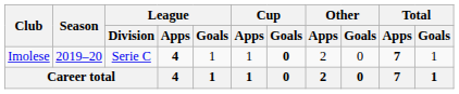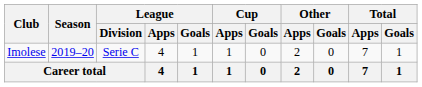 <table class="wikitable" style="text-align: center">
 <tr>
 <th rowspan="2">Club</th>
 <th rowspan="2">Season</th>
 <th colspan="3">League</th>
 <th colspan="2">Cup</th>
 <th colspan="2">Other</th>
 <th colspan="2">Total</th>
 </tr>
 <tr>
 <th>Division</th>
 <th>Apps</th>
 <th>Goals</th>
 <th>Apps</th>
 <th>Goals</th>
 <th>Apps</th>
 <th>Goals</th>
 <th>Apps</th>
 <th>Goals</th>
 </tr>
 <tr>
 <td><a href='#'>Imolese</a></td>
 <td><a href='#'>2019–20</a></td>
 <td><a href='#'>Serie C</a></td>
-<td><strong>4</strong></td>
+<td>4</td>
 <td>1</td>
 <td>1</td>
-<td><strong>0</strong></td>
+<td>0</td>
 <td>2</td>
 <td>0</td>
-<td><strong>7</strong></td>
+<td>7</td>
 <td>1</td>
 </tr>
 <tr>
 <th colspan="3">Career total</th>
 <th>4</th>
 <th>1</th>
 <th>1</th>
 <th>0</th>
 <th>2</th>
 <th>0</th>
 <th>7</th>
 <th>1</th>
 </tr>
 </table>
